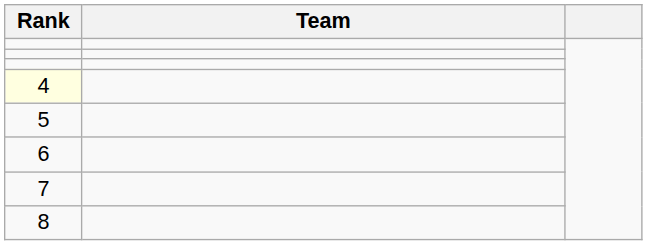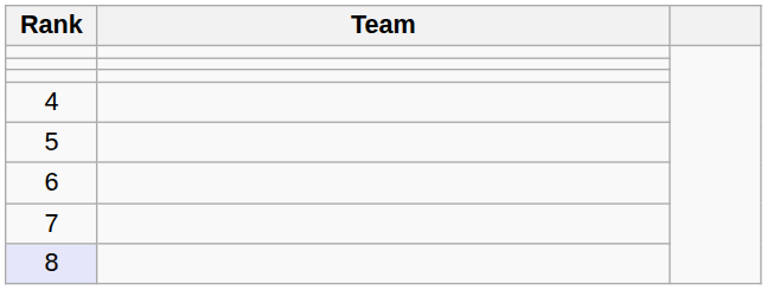 <table class="wikitable" style="text-align: center;">
 <tr>
 <th width=50>Rank</th>
 <th width=350>Team</th>
 <th width=50></th>
 </tr>
 <tr>
 <td></td>
 <td align="left"></td>
 <td rowspan="8" style="text-align: center;"></td>
 </tr>
 <tr>
 <td></td>
 <td align="left"></td>
 </tr>
 <tr>
 <td></td>
 <td align="left"></td>
 </tr>
 <tr>
-<td style="background: lightyellow;">4</td>
+<td>4</td>
 <td align="left"></td>
 </tr>
 <tr>
 <td>5</td>
 <td align="left"></td>
 </tr>
 <tr>
 <td>6</td>
 <td align="left"></td>
 </tr>
 <tr>
 <td>7</td>
 <td align="left"></td>
 </tr>
 <tr>
-<td>8</td>
+<td style="background: lavender;">8</td>
 <td align="left"></td>
 </tr>
 </table>
